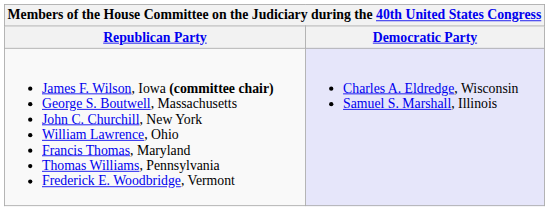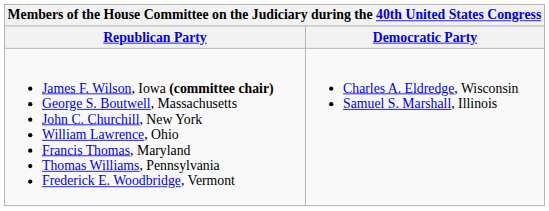 <table class=wikitable>
 <tr>
 <th Colspan=3>Members of the House Committee on the Judiciary during the <a href='#'>40th United States Congress</a></th>
 </tr>
 <tr>
 <th><a href='#'>Republican Party</a></th>
 <th><a href='#'>Democratic Party</a></th>
 </tr>
 <tr>
 <td valign=top ><br><ul><li><a href='#'>James F. Wilson</a>, Iowa <strong>(committee chair)</strong></li><li><a href='#'>George S. Boutwell</a>, Massachusetts</li><li><a href='#'>John C. Churchill</a>, New York</li><li><a href='#'>William Lawrence</a>, Ohio</li><li><a href='#'>Francis Thomas</a>, Maryland</li><li><a href='#'>Thomas Williams</a>, Pennsylvania</li><li><a href='#'>Frederick E. Woodbridge</a>, Vermont</li></ul></td>
-<td valign=top  style="background: lavender;"><br><ul><li><a href='#'>Charles A. Eldredge</a>, Wisconsin</li><li><a href='#'>Samuel S. Marshall</a>, Illinois</li></ul></td>
+<td valign=top ><br><ul><li><a href='#'>Charles A. Eldredge</a>, Wisconsin</li><li><a href='#'>Samuel S. Marshall</a>, Illinois</li></ul></td>
 </tr>
 </table>
